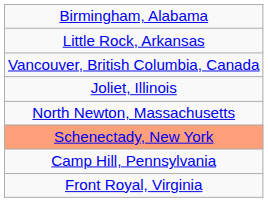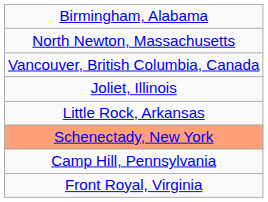 <table class="wikitable" style="text-align: center;">
 <tr>
 <td> <a href='#'>Birmingham, Alabama</a></td>
 </tr>
 <tr>
-<td> <a href='#'>Little Rock, Arkansas</a></td>
+<td> <a href='#'>North Newton, Massachusetts</a></td>
 </tr>
 <tr>
 <td> <a href='#'>Vancouver, British Columbia, Canada</a></td>
 </tr>
 <tr>
 <td> <a href='#'>Joliet, Illinois</a></td>
 </tr>
 <tr>
-<td> <a href='#'>North Newton, Massachusetts</a></td>
+<td> <a href='#'>Little Rock, Arkansas</a></td>
 </tr>
 <tr>
 <td style="background: lightsalmon;"> <a href='#'>Schenectady, New York</a></td>
 </tr>
 <tr>
 <td> <a href='#'>Camp Hill, Pennsylvania</a></td>
 </tr>
 <tr>
 <td> <a href='#'>Front Royal, Virginia</a></td>
 </tr>
 </table>
